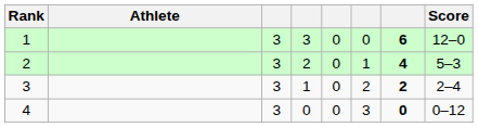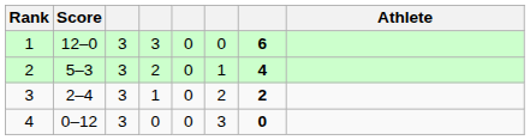 <table class="wikitable" style="text-align: center;">
 <tr>
 <th width=25>Rank</th>
-<th width=225>Athlete</th>
+<th width=40>Score</th>
 <th width=25></th>
 <th width=25></th>
 <th width=25></th>
 <th width=25></th>
 <th width=40></th>
-<th width=40>Score</th>
+<th width=225>Athlete</th>
 </tr>
 <tr bgcolor=ccffcc>
 <td>1</td>
-<td align=left></td>
+<td>12–0</td>
 <td>3</td>
 <td>3</td>
 <td>0</td>
 <td>0</td>
 <td><strong>6</strong></td>
-<td>12–0</td>
+<td align=left></td>
 </tr>
 <tr bgcolor=ccffcc>
 <td>2</td>
-<td align=left></td>
+<td>5–3</td>
 <td>3</td>
 <td>2</td>
 <td>0</td>
 <td>1</td>
 <td><strong>4</strong></td>
-<td>5–3</td>
+<td align=left></td>
 </tr>
 <tr>
 <td>3</td>
-<td align=left></td>
+<td>2–4</td>
 <td>3</td>
 <td>1</td>
 <td>0</td>
 <td>2</td>
 <td><strong>2</strong></td>
-<td>2–4</td>
+<td align=left></td>
 </tr>
 <tr>
 <td>4</td>
-<td align=left></td>
+<td>0–12</td>
 <td>3</td>
 <td>0</td>
 <td>0</td>
 <td>3</td>
 <td><strong>0</strong></td>
-<td>0–12</td>
+<td align=left></td>
 </tr>
 </table>
